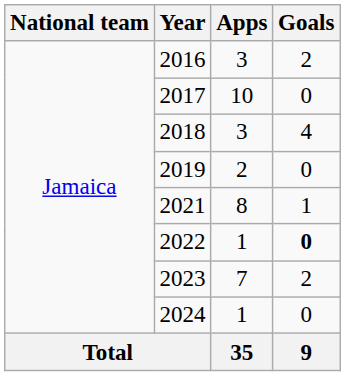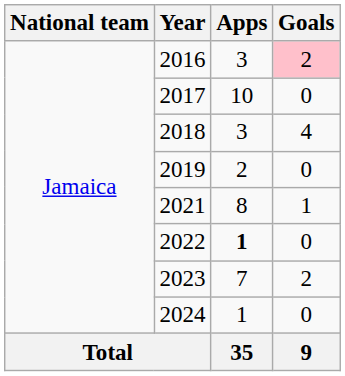 <table class=wikitable style="text-align: center">
 <tr>
 <th>National team</th>
 <th>Year</th>
 <th>Apps</th>
 <th>Goals</th>
 </tr>
 <tr>
 <td rowspan="8"><a href='#'>Jamaica</a></td>
 <td>2016</td>
 <td>3</td>
-<td>2</td>
+<td style="background: pink;">2</td>
 </tr>
 <tr>
 <td>2017</td>
 <td>10</td>
 <td>0</td>
 </tr>
 <tr>
 <td>2018</td>
 <td>3</td>
 <td>4</td>
 </tr>
 <tr>
 <td>2019</td>
 <td>2</td>
 <td>0</td>
 </tr>
 <tr>
 <td>2021</td>
 <td>8</td>
 <td>1</td>
 </tr>
 <tr>
 <td>2022</td>
-<td>1</td>
-<td><strong>0</strong></td>
+<td><strong>1</strong></td>
+<td>0</td>
 </tr>
 <tr>
 <td>2023</td>
 <td>7</td>
 <td>2</td>
 </tr>
 <tr>
 <td>2024</td>
 <td>1</td>
 <td>0</td>
 </tr>
 <tr>
 <th colspan="2">Total</th>
 <th>35</th>
 <th>9</th>
 </tr>
 </table>
